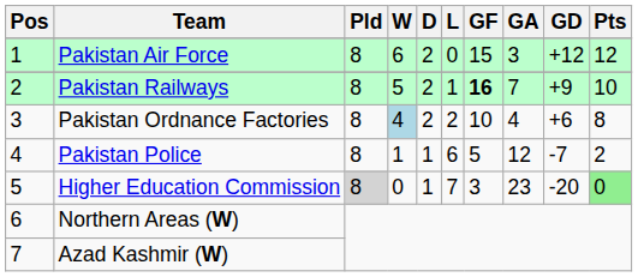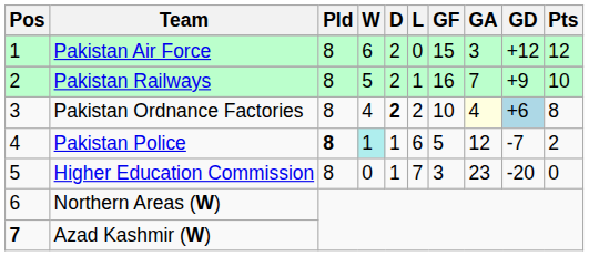 <table class="wikitable">
 <tr>
 <th>Pos</th>
 <th>Team</th>
 <th>Pld</th>
 <th>W</th>
 <th>D</th>
 <th>L</th>
 <th>GF</th>
 <th>GA</th>
 <th>GD</th>
 <th>Pts</th>
 </tr>
 <tr>
 </tr>
 <tr style="background:#bfc">
 <td>1</td>
 <td><a href='#'>Pakistan Air Force</a></td>
 <td>8</td>
 <td>6</td>
 <td>2</td>
 <td>0</td>
 <td>15</td>
 <td>3</td>
 <td>+12</td>
 <td>12</td>
 </tr>
 <tr>
 </tr>
 <tr style="background:#bfc">
 <td>2</td>
 <td><a href='#'>Pakistan Railways</a></td>
 <td>8</td>
 <td>5</td>
 <td>2</td>
 <td>1</td>
-<td><strong>16</strong></td>
+<td>16</td>
 <td>7</td>
 <td>+9</td>
 <td>10</td>
 </tr>
 <tr>
 <td>3</td>
 <td>Pakistan Ordnance Factories</td>
 <td>8</td>
-<td style="background: lightblue;">4</td>
-<td>2</td>
+<td>4</td>
+<td><strong>2</strong></td>
 <td>2</td>
 <td>10</td>
-<td>4</td>
-<td>+6</td>
+<td style="background: lightyellow;">4</td>
+<td style="background: lightblue;">+6</td>
 <td>8</td>
 </tr>
 <tr>
 <td>4</td>
 <td><a href='#'>Pakistan Police</a></td>
-<td>8</td>
-<td>1</td>
+<td><strong>8</strong></td>
+<td style="background: paleturquoise;">1</td>
 <td>1</td>
 <td>6</td>
 <td>5</td>
 <td>12</td>
 <td>-7</td>
 <td>2</td>
 </tr>
 <tr>
 <td>5</td>
 <td><a href='#'>Higher Education Commission</a></td>
-<td style="background: lightgrey;">8</td>
+<td>8</td>
 <td>0</td>
 <td>1</td>
 <td>7</td>
 <td>3</td>
 <td>23</td>
 <td>-20</td>
-<td style="background: lightgreen;">0</td>
+<td>0</td>
 </tr>
 <tr style="background:#nfc">
 <td>6</td>
 <td>Northern Areas (<strong>W</strong>)</td>
 <td colspan="8" rowspan="2"></td>
 </tr>
 <tr>
-<td>7</td>
+<td><strong>7</strong></td>
 <td>Azad Kashmir (<strong>W</strong>)</td>
 </tr>
 </table>
